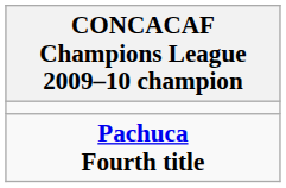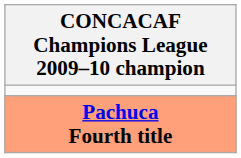 <table class="wikitable" style="text-align: center; margin: 0 auto; width: 20%">
 <tr>
 <th>CONCACAF Champions League<br>2009–10 champion</th>
 </tr>
 <tr>
 <td></td>
 </tr>
 <tr>
-<td><strong><a href='#'>Pachuca</a></strong><br><strong>Fourth title</strong></td>
+<td style="background: lightsalmon;"><strong><a href='#'>Pachuca</a></strong><br><strong>Fourth title</strong></td>
 </tr>
 </table>
